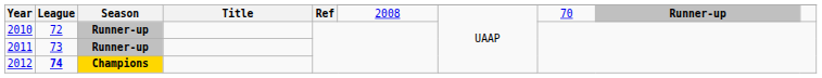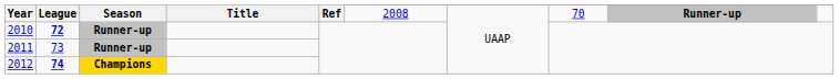 <table class="wikitable sortable" style="text-align:center" width="80%">
 <tr>
 <th style="width:5px;" rowspan="2">Year</th>
 <th style="width:25px;" rowspan="2">League</th>
 <th style="width:100px;" rowspan="2">Season</th>
 <th style="width:180px;" rowspan="2">Title</th>
 <th style="width:25px;" rowspan="2">Ref</th>
 </tr>
 <tr align=center>
 <td><a href='#'>2008</a></td>
 <td rowspan=4>UAAP</td>
 <td><a href='#'>70</a></td>
 <td style="background:silver;"><strong>Runner-up</strong></td>
 <td></td>
 </tr>
 <tr align=center>
 <td><a href='#'>2010</a></td>
-<td><a href='#'>72</a></td>
+<td><strong><a href='#'>72</a></strong></td>
 <td style="background:silver;"><strong>Runner-up</strong></td>
 <td></td>
 </tr>
 <tr align=center>
 <td><a href='#'>2011</a></td>
 <td><a href='#'>73</a></td>
 <td style="background:silver;"><strong>Runner-up</strong></td>
 <td></td>
 </tr>
 <tr align=center>
 <td><a href='#'>2012</a></td>
 <td><strong><a href='#'>74</a></strong></td>
 <td style="background: gold;"><strong>Champions</strong></td>
 <td></td>
 </tr>
 </table>
